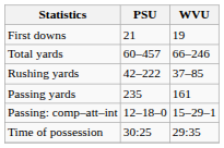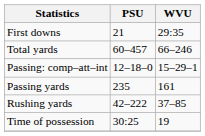 <table class="wikitable" style="float: left;">
 <tr>
 <th>Statistics</th>
 <th>PSU</th>
 <th>WVU</th>
 </tr>
 <tr>
 <td>First downs</td>
 <td>21</td>
-<td>19</td>
+<td>29:35</td>
 </tr>
 <tr>
 <td>Total yards</td>
 <td>60–457</td>
 <td>66–246</td>
 </tr>
 <tr>
-<td>Rushing yards</td>
-<td>42–222</td>
-<td>37–85</td>
+<td>Passing: comp–att–int</td>
+<td>12–18–0</td>
+<td>15–29–1</td>
 </tr>
 <tr>
 <td>Passing yards</td>
 <td>235</td>
 <td>161</td>
 </tr>
 <tr>
-<td>Passing: comp–att–int</td>
-<td>12–18–0</td>
-<td>15–29–1</td>
+<td>Rushing yards</td>
+<td>42–222</td>
+<td>37–85</td>
 </tr>
 <tr>
 <td>Time of possession</td>
 <td>30:25</td>
-<td>29:35</td>
+<td>19</td>
 </tr>
 <tr>
 </tr>
 </table>
